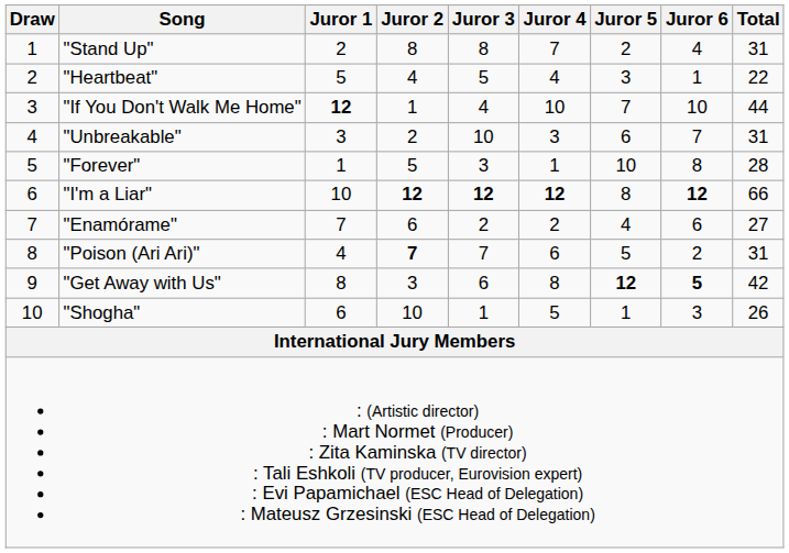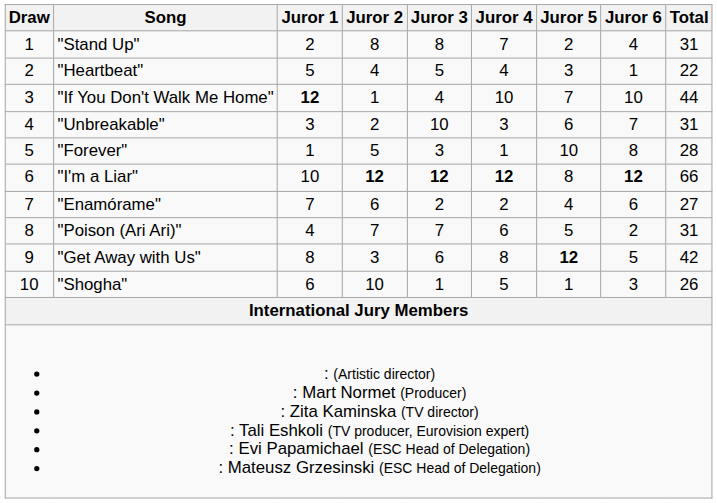 <table class="wikitable collapsible" style="margin: 1em auto 1em auto; text-align:center;">
 <tr>
 <th>Draw</th>
 <th>Song</th>
 <th>Juror 1</th>
 <th>Juror 2</th>
 <th>Juror 3</th>
 <th>Juror 4</th>
 <th>Juror 5</th>
 <th>Juror 6</th>
 <th>Total</th>
 </tr>
 <tr>
 <td>1</td>
 <td align="left">"Stand Up"</td>
 <td>2</td>
 <td>8</td>
 <td>8</td>
 <td>7</td>
 <td>2</td>
 <td>4</td>
 <td>31</td>
 </tr>
 <tr>
 <td>2</td>
 <td align="left">"Heartbeat"</td>
 <td>5</td>
 <td>4</td>
 <td>5</td>
 <td>4</td>
 <td>3</td>
 <td>1</td>
 <td>22</td>
 </tr>
 <tr>
 <td>3</td>
 <td align="left">"If You Don't Walk Me Home"</td>
 <td><strong>12</strong></td>
 <td>1</td>
 <td>4</td>
 <td>10</td>
 <td>7</td>
 <td>10</td>
 <td>44</td>
 </tr>
 <tr>
 <td>4</td>
 <td align="left">"Unbreakable"</td>
 <td>3</td>
 <td>2</td>
 <td>10</td>
 <td>3</td>
 <td>6</td>
 <td>7</td>
 <td>31</td>
 </tr>
 <tr>
 <td>5</td>
 <td align="left">"Forever"</td>
 <td>1</td>
 <td>5</td>
 <td>3</td>
 <td>1</td>
 <td>10</td>
 <td>8</td>
 <td>28</td>
 </tr>
 <tr>
 <td>6</td>
 <td align="left">"I'm a Liar"</td>
 <td>10</td>
 <td><strong>12</strong></td>
 <td><strong>12</strong></td>
 <td><strong>12</strong></td>
 <td>8</td>
 <td><strong>12</strong></td>
 <td>66</td>
 </tr>
 <tr>
 <td>7</td>
 <td align="left">"Enamórame"</td>
 <td>7</td>
 <td>6</td>
 <td>2</td>
 <td>2</td>
 <td>4</td>
 <td>6</td>
 <td>27</td>
 </tr>
 <tr>
 <td>8</td>
 <td align="left">"Poison (Ari Ari)"</td>
 <td>4</td>
-<td><strong>7</strong></td>
+<td>7</td>
 <td>7</td>
 <td>6</td>
 <td>5</td>
 <td>2</td>
 <td>31</td>
 </tr>
 <tr>
 <td>9</td>
 <td align="left">"Get Away with Us"</td>
 <td>8</td>
 <td>3</td>
 <td>6</td>
 <td>8</td>
 <td><strong>12</strong></td>
-<td><strong>5</strong></td>
+<td>5</td>
 <td>42</td>
 </tr>
 <tr>
 <td>10</td>
 <td align="left">"Shogha"</td>
 <td>6</td>
 <td>10</td>
 <td>1</td>
 <td>5</td>
 <td>1</td>
 <td>3</td>
 <td>26</td>
 </tr>
 <tr>
 <th colspan="9">International Jury Members</th>
 </tr>
 <tr>
 <td colspan="9"><br><ul><li>:  <small>(Artistic director)</small></li><li>: Mart Normet <small>(Producer)</small></li><li>: Zita Kaminska <small>(TV director)</small></li><li>: Tali Eshkoli <small>(TV producer, Eurovision expert)</small></li><li>: Evi Papamichael <small>(ESC Head of Delegation)</small></li><li>: Mateusz Grzesinski <small>(ESC Head of Delegation)</small></li></ul></td>
 </tr>
 </table>
